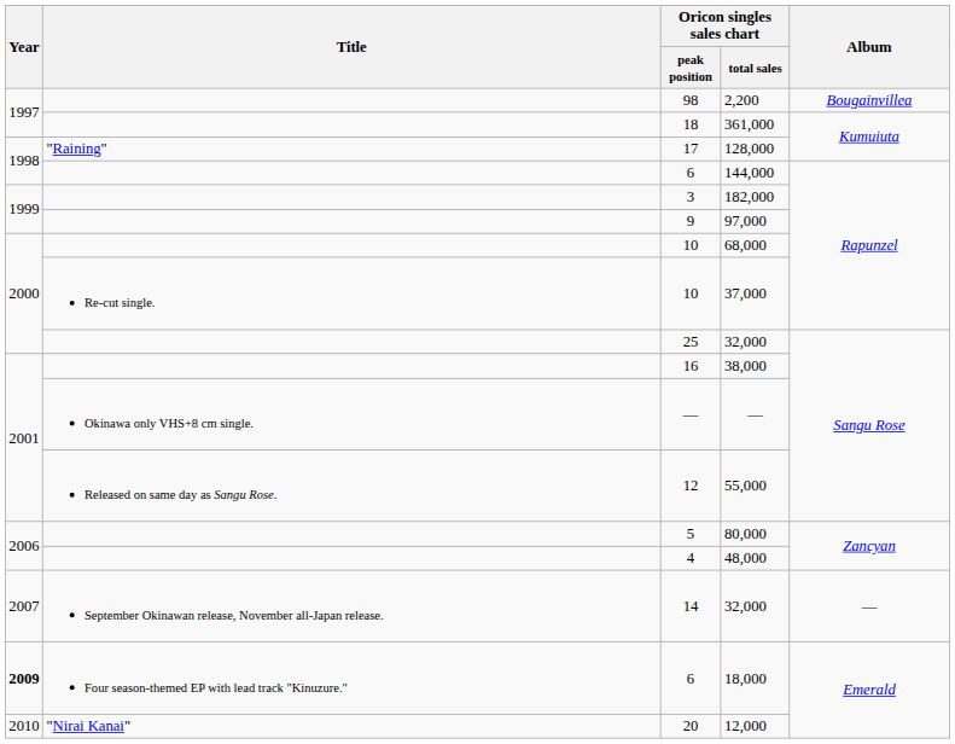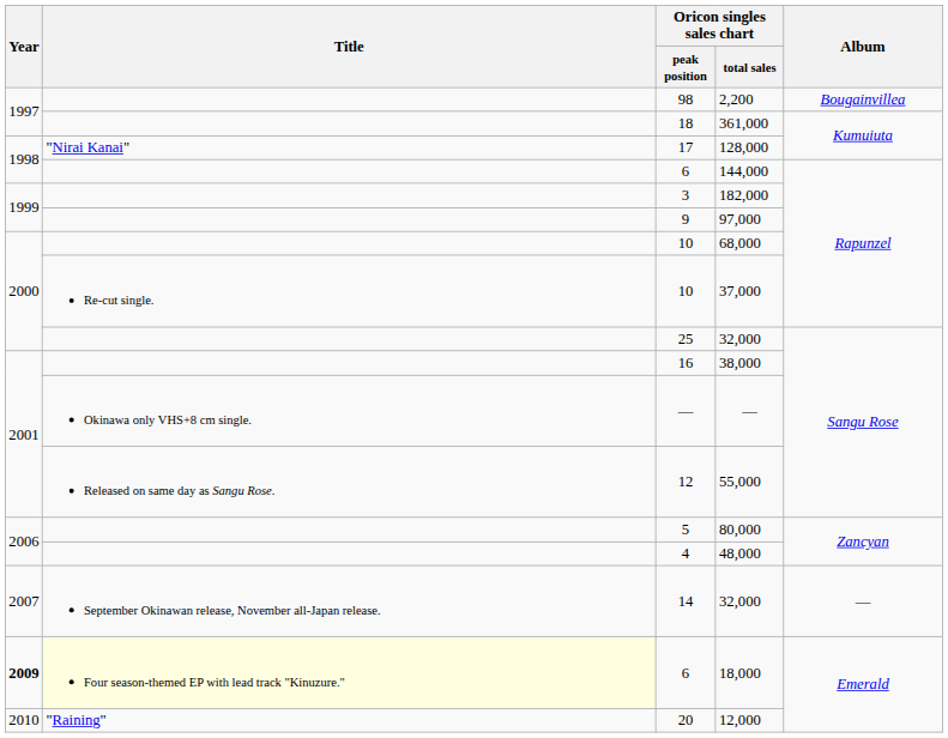 <table class="wikitable">
 <tr>
 <th rowspan="2"><strong>Year</strong></th>
 <th rowspan="2" style="width:40em;"><strong>Title</strong></th>
 <th colspan="2" style="width:8em;"><strong>Oricon singles sales chart</strong></th>
 <th rowspan="2" style="width:10em;"><strong>Album</strong></th>
 </tr>
 <tr>
 <th style="width:40px;"><small>peak position</small><br></th>
 <th style="width:40px;"><small>total sales</small><br></th>
 </tr>
 <tr>
 <td rowspan="2">1997</td>
 <td></td>
 <td style="text-align:center;">98</td>
 <td>2,200</td>
 <td style="text-align:center;"><em><a href='#'>Bougainvillea</a></em></td>
 </tr>
 <tr>
 <td></td>
 <td style="text-align:center;">18</td>
 <td>361,000</td>
 <td rowspan="2" style="text-align:center;"><em><a href='#'>Kumuiuta</a></em></td>
 </tr>
 <tr>
 <td rowspan="2">1998</td>
-<td>"<a href='#'>Raining</a>"</td>
+<td>"<a href='#'>Nirai Kanai</a>"</td>
 <td style="text-align:center;">17</td>
 <td>128,000</td>
 </tr>
 <tr>
 <td></td>
 <td style="text-align:center;">6</td>
 <td>144,000</td>
 <td rowspan="5" style="text-align:center;"><em><a href='#'>Rapunzel</a></em></td>
 </tr>
 <tr>
 <td rowspan="2">1999</td>
 <td></td>
 <td style="text-align:center;">3</td>
 <td>182,000</td>
 </tr>
 <tr>
 <td></td>
 <td style="text-align:center;">9</td>
 <td>97,000</td>
 </tr>
 <tr>
 <td rowspan="3">2000</td>
 <td></td>
 <td style="text-align:center;">10</td>
 <td>68,000</td>
 </tr>
 <tr>
 <td><br><ul><li><small>Re-cut single.</small></li></ul></td>
 <td style="text-align:center;">10</td>
 <td>37,000</td>
 </tr>
 <tr>
 <td></td>
 <td style="text-align:center;">25</td>
 <td>32,000</td>
 <td rowspan="4" style="text-align:center;"><em><a href='#'>Sangu Rose</a></em></td>
 </tr>
 <tr>
 <td rowspan="3">2001</td>
 <td></td>
 <td style="text-align:center;">16</td>
 <td>38,000</td>
 </tr>
 <tr>
 <td><br><ul><li><small>Okinawa only VHS+8 cm single.</small></li></ul></td>
 <td style="text-align:center;">—</td>
 <td style="text-align:center;">—</td>
 </tr>
 <tr>
 <td><br><ul><li><small>Released on same day as <em>Sangu Rose</em>.</small></li></ul></td>
 <td style="text-align:center;">12</td>
 <td>55,000</td>
 </tr>
 <tr>
 <td rowspan="2">2006</td>
 <td></td>
 <td style="text-align:center;">5</td>
 <td>80,000</td>
 <td rowspan="2" style="text-align:center;"><em><a href='#'>Zancyan</a></em></td>
 </tr>
 <tr>
 <td></td>
 <td style="text-align:center;">4</td>
 <td>48,000</td>
 </tr>
 <tr>
 <td>2007</td>
 <td><br><ul><li><small>September Okinawan release, November all-Japan release.</small></li></ul></td>
 <td style="text-align:center;">14</td>
 <td>32,000</td>
 <td rowspan="1" style="text-align:center;">—</td>
 </tr>
 <tr>
 <td><strong>2009</strong></td>
-<td><br><ul><li><small>Four season-themed EP with lead track "Kinuzure."</small></li></ul></td>
+<td style="background: lightyellow;"><br><ul><li><small>Four season-themed EP with lead track "Kinuzure."</small></li></ul></td>
 <td style="text-align:center;">6</td>
 <td>18,000</td>
 <td rowspan="2" style="text-align:center;"><em><a href='#'>Emerald</a></em></td>
 </tr>
 <tr>
 <td>2010</td>
-<td>"<a href='#'>Nirai Kanai</a>"</td>
+<td>"<a href='#'>Raining</a>"</td>
 <td style="text-align:center;">20</td>
 <td>12,000</td>
 </tr>
 </table>
